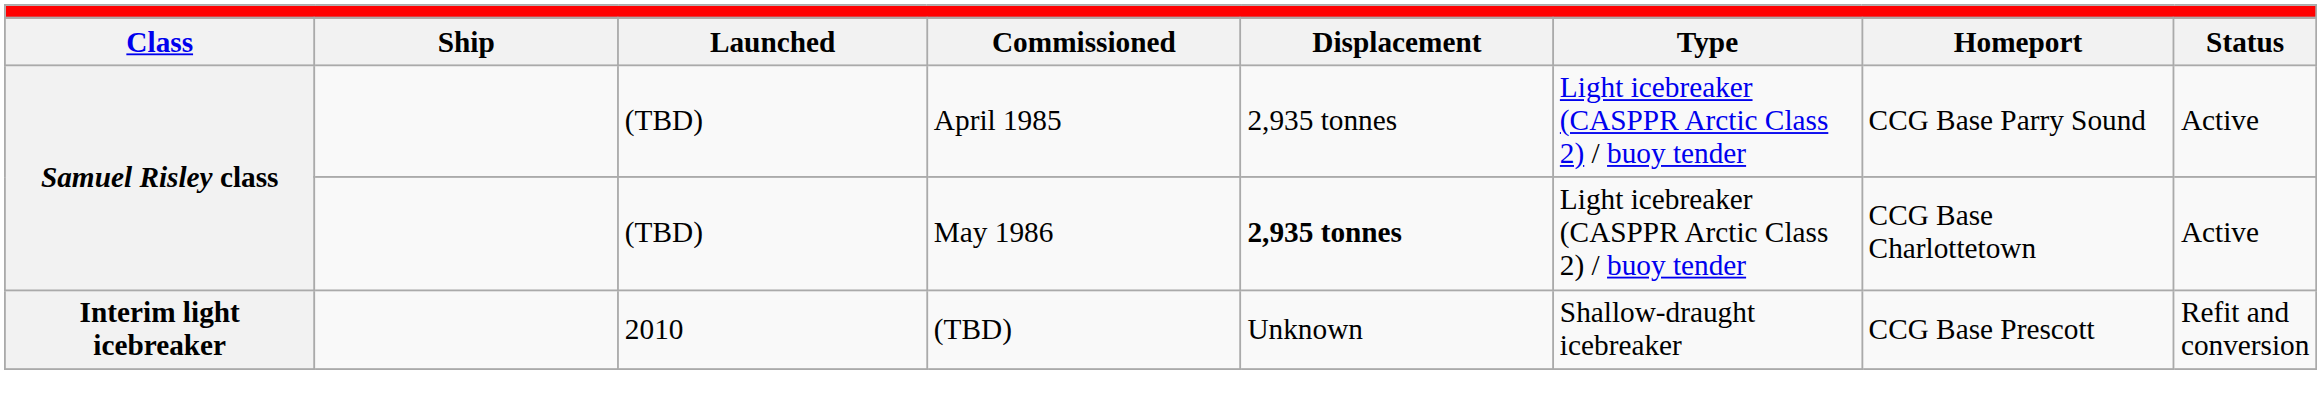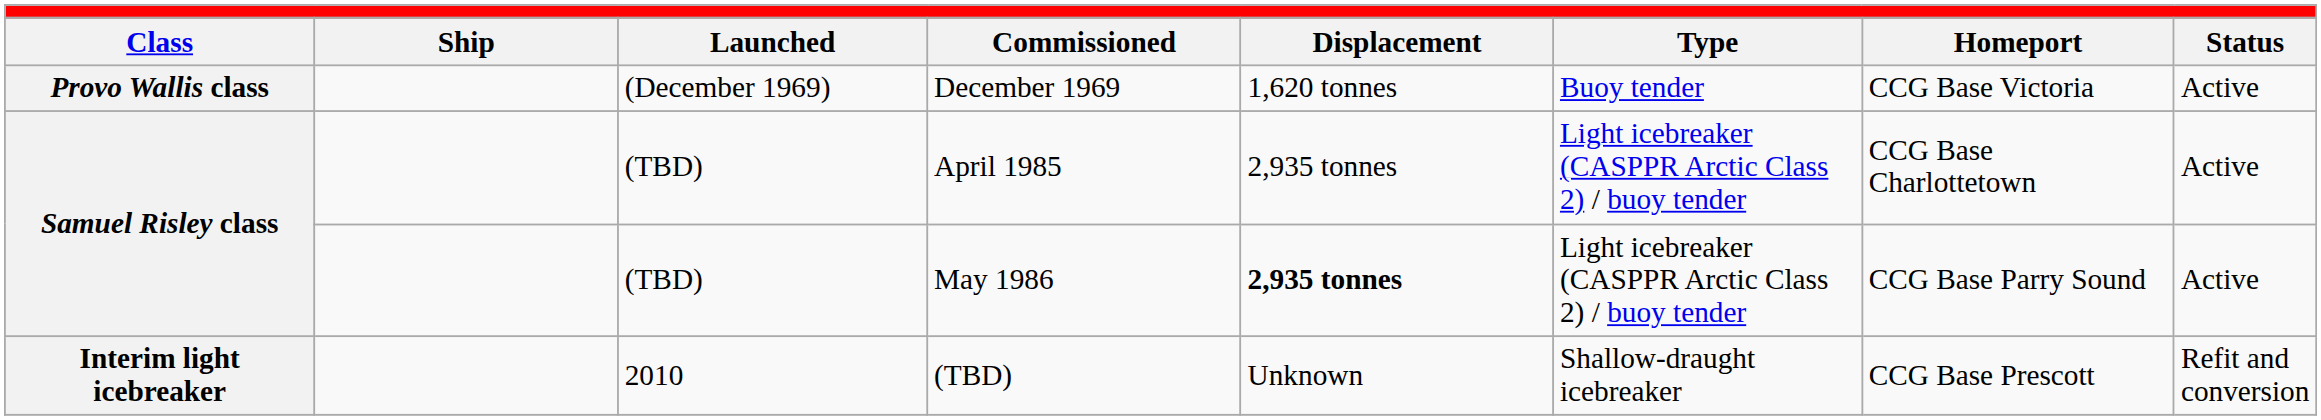 <table class="wikitable" style="margin:auto; width:100%;">
 <tr>
 <th style="align: center; background: #FF0000;" colspan="8"><strong></strong></th>
 </tr>
 <tr>
 </tr>
 <tr>
 <th style="text-align:center; width:14%;"><a href='#'>Class</a></th>
 <th style="text-align:center; width:14%;">Ship</th>
 <th style="text-align:center; width:14%;">Launched</th>
 <th style="text-align:center; width:14%;">Commissioned</th>
 <th style="text-align:center; width:14%;">Displacement</th>
 <th style="text-align:center; width:14%;">Type</th>
 <th style="text-align:center; width:14%;">Homeport</th>
 <th style="text-align:center; width:2%;">Status</th>
 </tr>
 <tr>
+<th rowspan="1"><em>Provo Wallis</em> class</th>
+<td></td>
+<td>(December 1969)</td>
+<td>December 1969</td>
+<td>1,620 tonnes</td>
+<td><a href='#'>Buoy tender</a></td>
+<td>CCG Base Victoria</td>
+<td>Active</td>
+</tr>
+<tr>
 <th rowspan="2"><em>Samuel Risley</em> class</th>
 <td></td>
 <td>(TBD)</td>
 <td>April 1985</td>
 <td>2,935 tonnes</td>
 <td><a href='#'>Light icebreaker (CASPPR Arctic Class 2)</a> / <a href='#'>buoy tender</a></td>
-<td>CCG Base Parry Sound</td>
+<td>CCG Base Charlottetown</td>
 <td>Active</td>
 </tr>
 <tr>
 <td></td>
 <td>(TBD)</td>
 <td>May 1986</td>
 <td><strong>2,935 tonnes</strong></td>
 <td>Light icebreaker (CASPPR Arctic Class 2) / <a href='#'>buoy tender</a></td>
-<td>CCG Base Charlottetown</td>
+<td>CCG Base Parry Sound</td>
 <td>Active</td>
 </tr>
 <tr>
 <th>Interim light icebreaker</th>
 <td></td>
 <td>2010</td>
 <td>(TBD)</td>
 <td>Unknown</td>
 <td>Shallow-draught icebreaker</td>
 <td>CCG Base Prescott</td>
 <td>Refit and conversion</td>
 </tr>
 </table>
